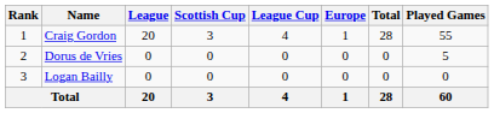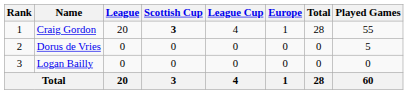 <table class="wikitable" style="text-align: center;">
 <tr>
 <th>Rank</th>
 <th>Name</th>
 <th><a href='#'>League</a></th>
 <th><a href='#'>Scottish Cup</a></th>
 <th><a href='#'>League Cup</a></th>
 <th><a href='#'>Europe</a></th>
 <th>Total</th>
 <th>Played Games</th>
 </tr>
 <tr>
 <td>1</td>
 <td align=left> <a href='#'>Craig Gordon</a></td>
 <td>20</td>
-<td>3</td>
+<td><strong>3</strong></td>
 <td>4</td>
 <td>1</td>
 <td>28</td>
 <td>55</td>
 </tr>
 <tr>
 <td>2</td>
 <td align=left> <a href='#'>Dorus de Vries</a></td>
 <td>0</td>
 <td>0</td>
 <td>0</td>
 <td>0</td>
 <td>0</td>
 <td>5</td>
 </tr>
 <tr>
 <td>3</td>
 <td align=left> <a href='#'>Logan Bailly</a></td>
 <td>0</td>
 <td>0</td>
 <td>0</td>
 <td>0</td>
 <td>0</td>
 <td>0</td>
 </tr>
 <tr>
 <th colspan=2>Total</th>
 <th>20</th>
 <th>3</th>
 <th>4</th>
 <th>1</th>
 <th>28</th>
 <th>60</th>
 </tr>
 </table>
